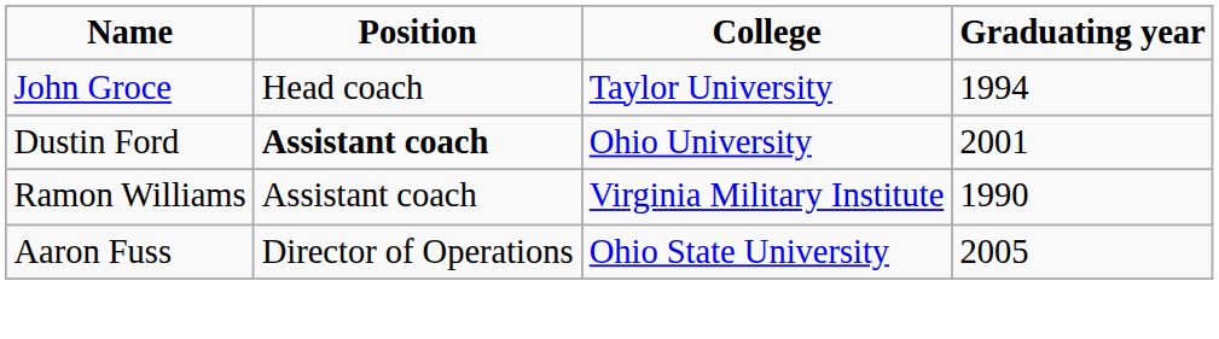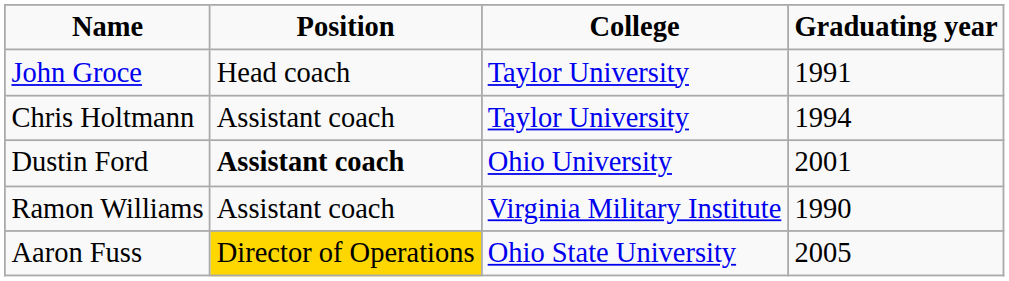 <table class="wikitable">
 <tr>
 <td align=center><span> <strong>Name</strong></span></td>
 <td align=center><span> <strong>Position</strong></span></td>
 <td align=center><span> <strong>College</strong></span></td>
 <td align=center><span> <strong>Graduating year</strong></span></td>
 </tr>
 <tr>
 <td><a href='#'>John Groce</a></td>
 <td>Head coach</td>
+<td><a href='#'>Taylor University</a></td>
+<td>1991</td>
+</tr>
+<tr>
+<td>Chris Holtmann</td>
+<td>Assistant coach</td>
 <td><a href='#'>Taylor University</a></td>
 <td>1994</td>
 </tr>
 <tr>
 <td>Dustin Ford</td>
 <td><strong>Assistant coach</strong></td>
 <td><a href='#'>Ohio University</a></td>
 <td>2001</td>
 </tr>
 <tr>
 <td>Ramon Williams</td>
 <td>Assistant coach</td>
 <td><a href='#'>Virginia Military Institute</a></td>
 <td>1990</td>
 </tr>
 <tr>
 <td>Aaron Fuss</td>
-<td>Director of Operations</td>
+<td style="background: gold;">Director of Operations</td>
 <td><a href='#'>Ohio State University</a></td>
 <td>2005</td>
 </tr>
 </table>
